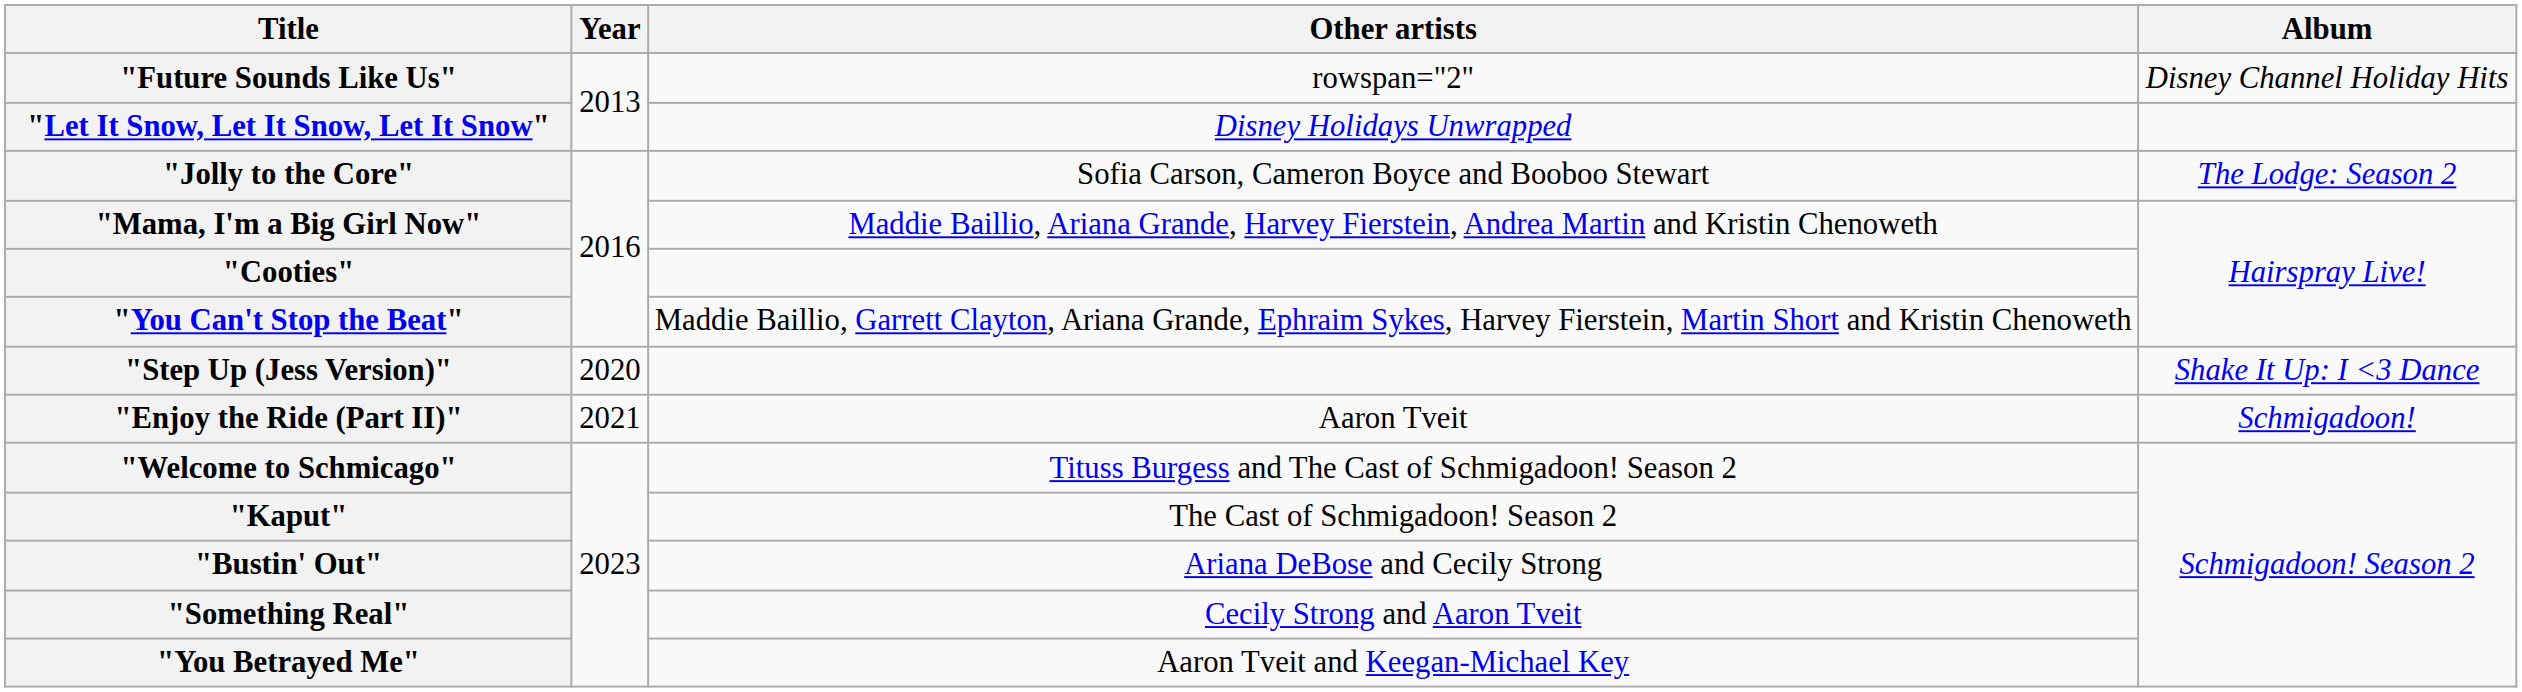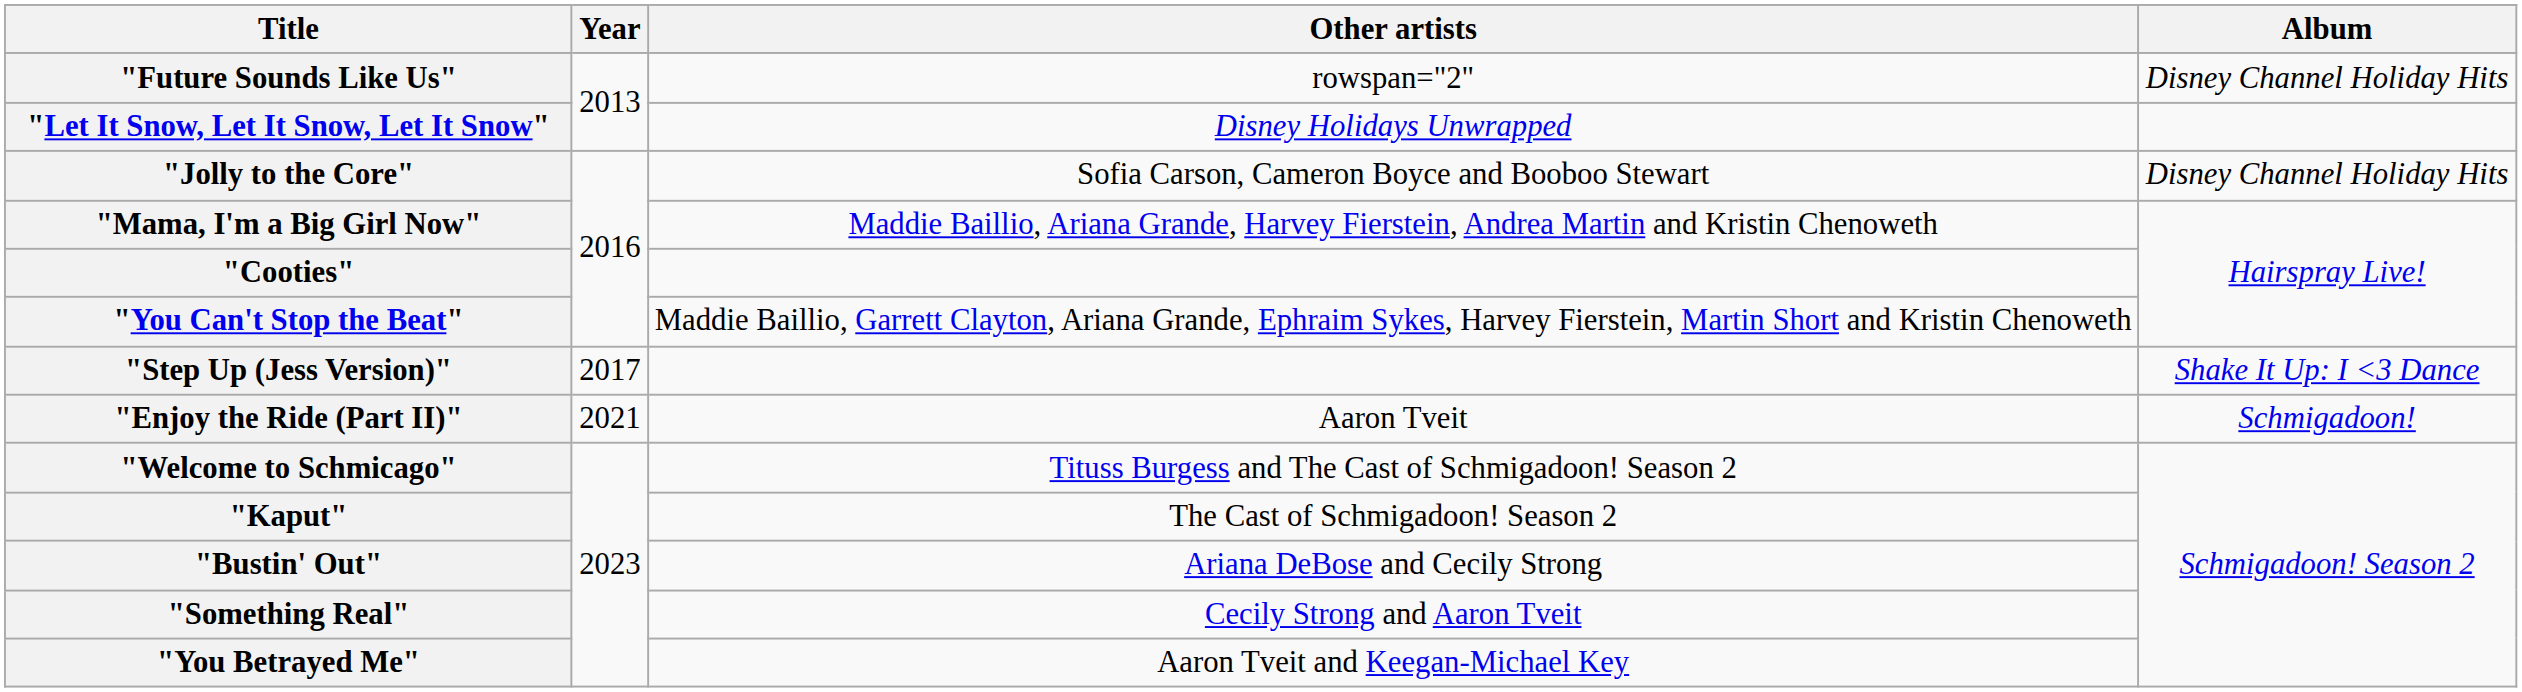 <table class="wikitable plainrowheaders" style="text-align:center;">
 <tr>
 <th scope="col" style="width:18em;">Title</th>
 <th scope="col">Year</th>
 <th scope="col">Other artists</th>
 <th scope="col">Album</th>
 </tr>
 <tr>
 <th scope="row">"Future Sounds Like Us"</th>
 <td rowspan="2">2013</td>
 <td>rowspan="2" </td>
 <td><em>Disney Channel Holiday Hits</em></td>
 </tr>
 <tr>
 <th scope="row">"<a href='#'>Let It Snow, Let It Snow, Let It Snow</a>"</th>
 <td><em><a href='#'>Disney Holidays Unwrapped</a></em></td>
 </tr>
 <tr>
 <th scope="row">"Jolly to the Core"</th>
 <td rowspan="4">2016</td>
 <td>Sofia Carson, Cameron Boyce and Booboo Stewart</td>
-<td><em><a href='#'>The Lodge: Season 2</a></em></td>
+<td><em>Disney Channel Holiday Hits</em></td>
 </tr>
 <tr>
 <th scope="row">"Mama, I'm a Big Girl Now"</th>
 <td><a href='#'>Maddie Baillio</a>, <a href='#'>Ariana Grande</a>, <a href='#'>Harvey Fierstein</a>, <a href='#'>Andrea Martin</a> and Kristin Chenoweth</td>
 <td rowspan="3"><em><a href='#'>Hairspray Live!</a></em></td>
 </tr>
 <tr>
 <th scope="row">"Cooties"</th>
 <td></td>
 </tr>
 <tr>
 <th scope="row">"<a href='#'>You Can't Stop the Beat</a>"</th>
 <td>Maddie Baillio, <a href='#'>Garrett Clayton</a>, Ariana Grande, <a href='#'>Ephraim Sykes</a>, Harvey Fierstein, <a href='#'>Martin Short</a> and Kristin Chenoweth</td>
 </tr>
 <tr>
 <th scope="row">"Step Up (Jess Version)"</th>
-<td>2020</td>
+<td>2017</td>
 <td></td>
 <td><em><a href='#'>Shake It Up: I <3 Dance</a></em></td>
 </tr>
 <tr>
 <th scope="row">"Enjoy the Ride (Part II)"</th>
 <td>2021</td>
 <td>Aaron Tveit</td>
 <td><em><a href='#'>Schmigadoon!</a></em></td>
 </tr>
 <tr>
 <th scope="row">"Welcome to Schmicago"</th>
 <td rowspan="5">2023</td>
 <td><a href='#'>Tituss Burgess</a> and The Cast of Schmigadoon! Season 2</td>
 <td rowspan="5"><em><a href='#'>Schmigadoon! Season 2</a></em></td>
 </tr>
 <tr>
 <th scope="row">"Kaput"</th>
 <td>The Cast of Schmigadoon! Season 2</td>
 </tr>
 <tr>
 <th scope="row">"Bustin' Out"</th>
 <td><a href='#'>Ariana DeBose</a> and Cecily Strong</td>
 </tr>
 <tr>
 <th scope="row">"Something Real"</th>
 <td><a href='#'>Cecily Strong</a> and <a href='#'>Aaron Tveit</a></td>
 </tr>
 <tr>
 <th scope="row">"You Betrayed Me"</th>
 <td>Aaron Tveit and <a href='#'>Keegan-Michael Key</a></td>
 </tr>
 </table>
